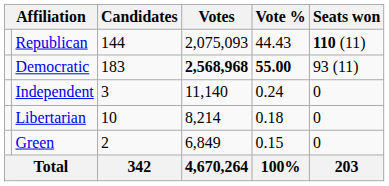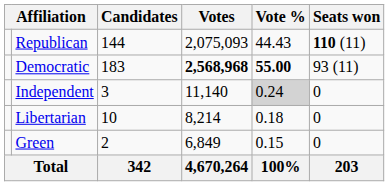 <table class="wikitable">
 <tr>
 <th colspan="2">Affiliation</th>
 <th>Candidates</th>
 <th>Votes</th>
 <th>Vote %</th>
 <th>Seats won</th>
 </tr>
 <tr>
 <td style="background-color:"></td>
 <td><a href='#'>Republican</a></td>
 <td>144</td>
 <td>2,075,093</td>
 <td>44.43</td>
 <td><strong>110</strong> (11)</td>
 </tr>
 <tr>
 <td style="background-color:"></td>
 <td><a href='#'>Democratic</a></td>
 <td>183</td>
 <td><strong>2,568,968</strong></td>
 <td><strong>55.00</strong></td>
 <td>93 (11)</td>
 </tr>
 <tr>
 <td style="background-color:"></td>
 <td><a href='#'>Independent</a></td>
 <td>3</td>
 <td>11,140</td>
-<td>0.24</td>
+<td style="background: lightgrey;">0.24</td>
 <td>0</td>
 </tr>
 <tr>
 <td style="background-color:"></td>
 <td><a href='#'>Libertarian</a></td>
 <td>10</td>
 <td>8,214</td>
 <td>0.18</td>
 <td>0</td>
 </tr>
 <tr>
 <td style="background-color:"></td>
 <td><a href='#'>Green</a></td>
 <td>2</td>
 <td>6,849</td>
 <td>0.15</td>
 <td>0</td>
 </tr>
 <tr>
 <th colspan="2">Total</th>
 <th>342</th>
 <th>4,670,264</th>
 <th>100%</th>
 <th>203</th>
 </tr>
 </table>
